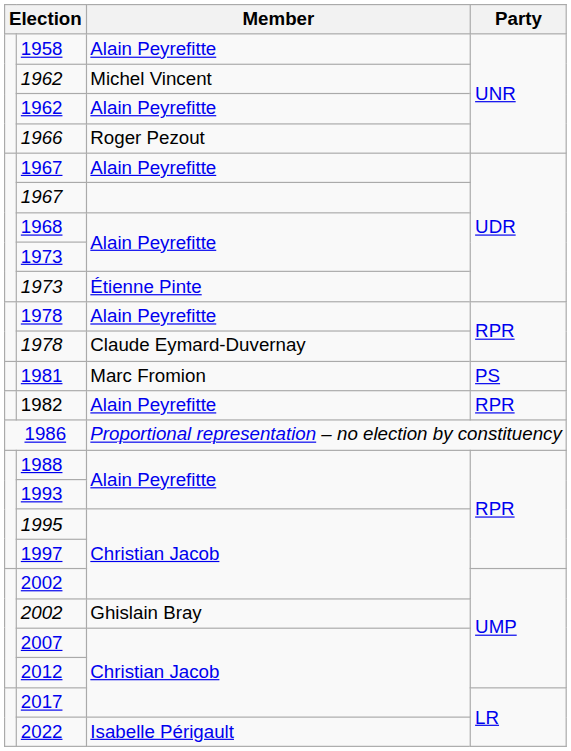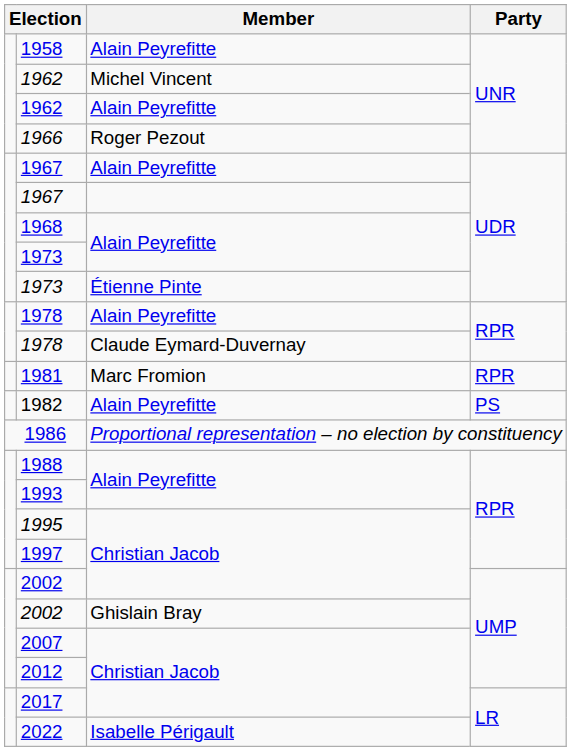 <table class="wikitable">
 <tr>
 <th colspan="2">Election</th>
 <th>Member</th>
 <th>Party</th>
 </tr>
 <tr>
 <td rowspan="4" style="color:inherit;background-color: "></td>
 <td><a href='#'>1958</a></td>
 <td><a href='#'>Alain Peyrefitte</a></td>
 <td rowspan="4"><a href='#'>UNR</a></td>
 </tr>
 <tr>
 <td><em>1962</em></td>
 <td>Michel Vincent</td>
 </tr>
 <tr>
 <td><a href='#'>1962</a></td>
 <td><a href='#'>Alain Peyrefitte</a></td>
 </tr>
 <tr>
 <td><em>1966</em></td>
 <td>Roger Pezout</td>
 </tr>
 <tr>
 <td rowspan="5" style="color:inherit;background-color: "></td>
 <td><a href='#'>1967</a></td>
 <td><a href='#'>Alain Peyrefitte</a></td>
 <td rowspan="5"><a href='#'>UDR</a></td>
 </tr>
 <tr>
 <td><em>1967</em></td>
 <td></td>
 </tr>
 <tr>
 <td><a href='#'>1968</a></td>
 <td rowspan="2"><a href='#'>Alain Peyrefitte</a></td>
 </tr>
 <tr>
 <td><a href='#'>1973</a></td>
 </tr>
 <tr>
 <td><em>1973</em></td>
 <td><a href='#'>Étienne Pinte</a></td>
 </tr>
 <tr>
 <td rowspan="2" style="color:inherit;background-color: "></td>
 <td><a href='#'>1978</a></td>
 <td><a href='#'>Alain Peyrefitte</a></td>
 <td rowspan="2"><a href='#'>RPR</a></td>
 </tr>
 <tr>
 <td><em>1978</em></td>
 <td>Claude Eymard-Duvernay</td>
 </tr>
 <tr>
 <td style="color:inherit;background-color: "></td>
 <td><a href='#'>1981</a></td>
 <td>Marc Fromion</td>
-<td><a href='#'>PS</a></td>
+<td><a href='#'>RPR</a></td>
 </tr>
 <tr>
 <td style="color:inherit;background-color: "></td>
 <td>1982</td>
 <td><a href='#'>Alain Peyrefitte</a></td>
-<td><a href='#'>RPR</a></td>
+<td><a href='#'>PS</a></td>
 </tr>
 <tr>
 <td colspan="2" align="center"><a href='#'>1986</a></td>
 <td colspan="2"><em><a href='#'>Proportional representation</a> – no election by constituency</em></td>
 </tr>
 <tr>
 <td rowspan="4" style="color:inherit;background-color: "></td>
 <td><a href='#'>1988</a></td>
 <td rowspan="2"><a href='#'>Alain Peyrefitte</a></td>
 <td rowspan="4"><a href='#'>RPR</a></td>
 </tr>
 <tr>
 <td><a href='#'>1993</a></td>
 </tr>
 <tr>
 <td><em>1995</em></td>
 <td rowspan="3"><a href='#'>Christian Jacob</a></td>
 </tr>
 <tr>
 <td><a href='#'>1997</a></td>
 </tr>
 <tr>
 <td rowspan="4" style="color:inherit;background-color: "></td>
 <td><a href='#'>2002</a></td>
 <td rowspan="4"><a href='#'>UMP</a></td>
 </tr>
 <tr>
 <td><em>2002</em></td>
 <td>Ghislain Bray</td>
 </tr>
 <tr>
 <td><a href='#'>2007</a></td>
 <td rowspan="3"><a href='#'>Christian Jacob</a></td>
 </tr>
 <tr>
 <td><a href='#'>2012</a></td>
 </tr>
 <tr>
 <td rowspan="2" style="color:inherit;background-color: "></td>
 <td><a href='#'>2017</a></td>
 <td rowspan="2"><a href='#'>LR</a></td>
 </tr>
 <tr>
 <td><a href='#'>2022</a></td>
 <td><a href='#'>Isabelle Périgault</a></td>
 </tr>
 </table>
